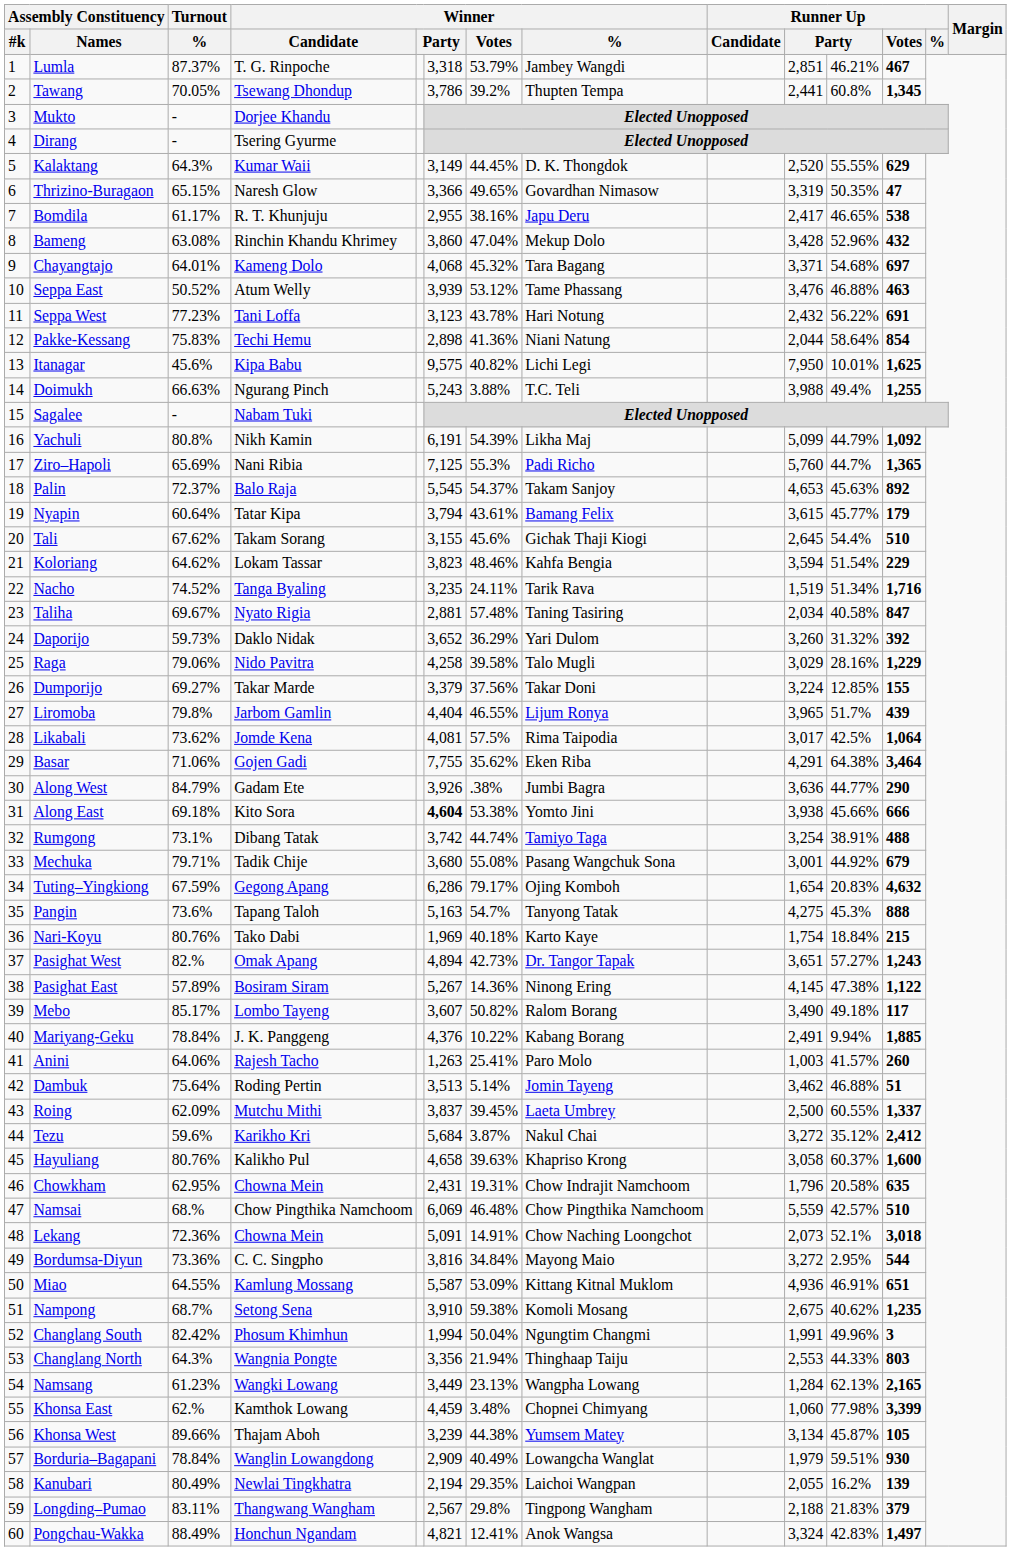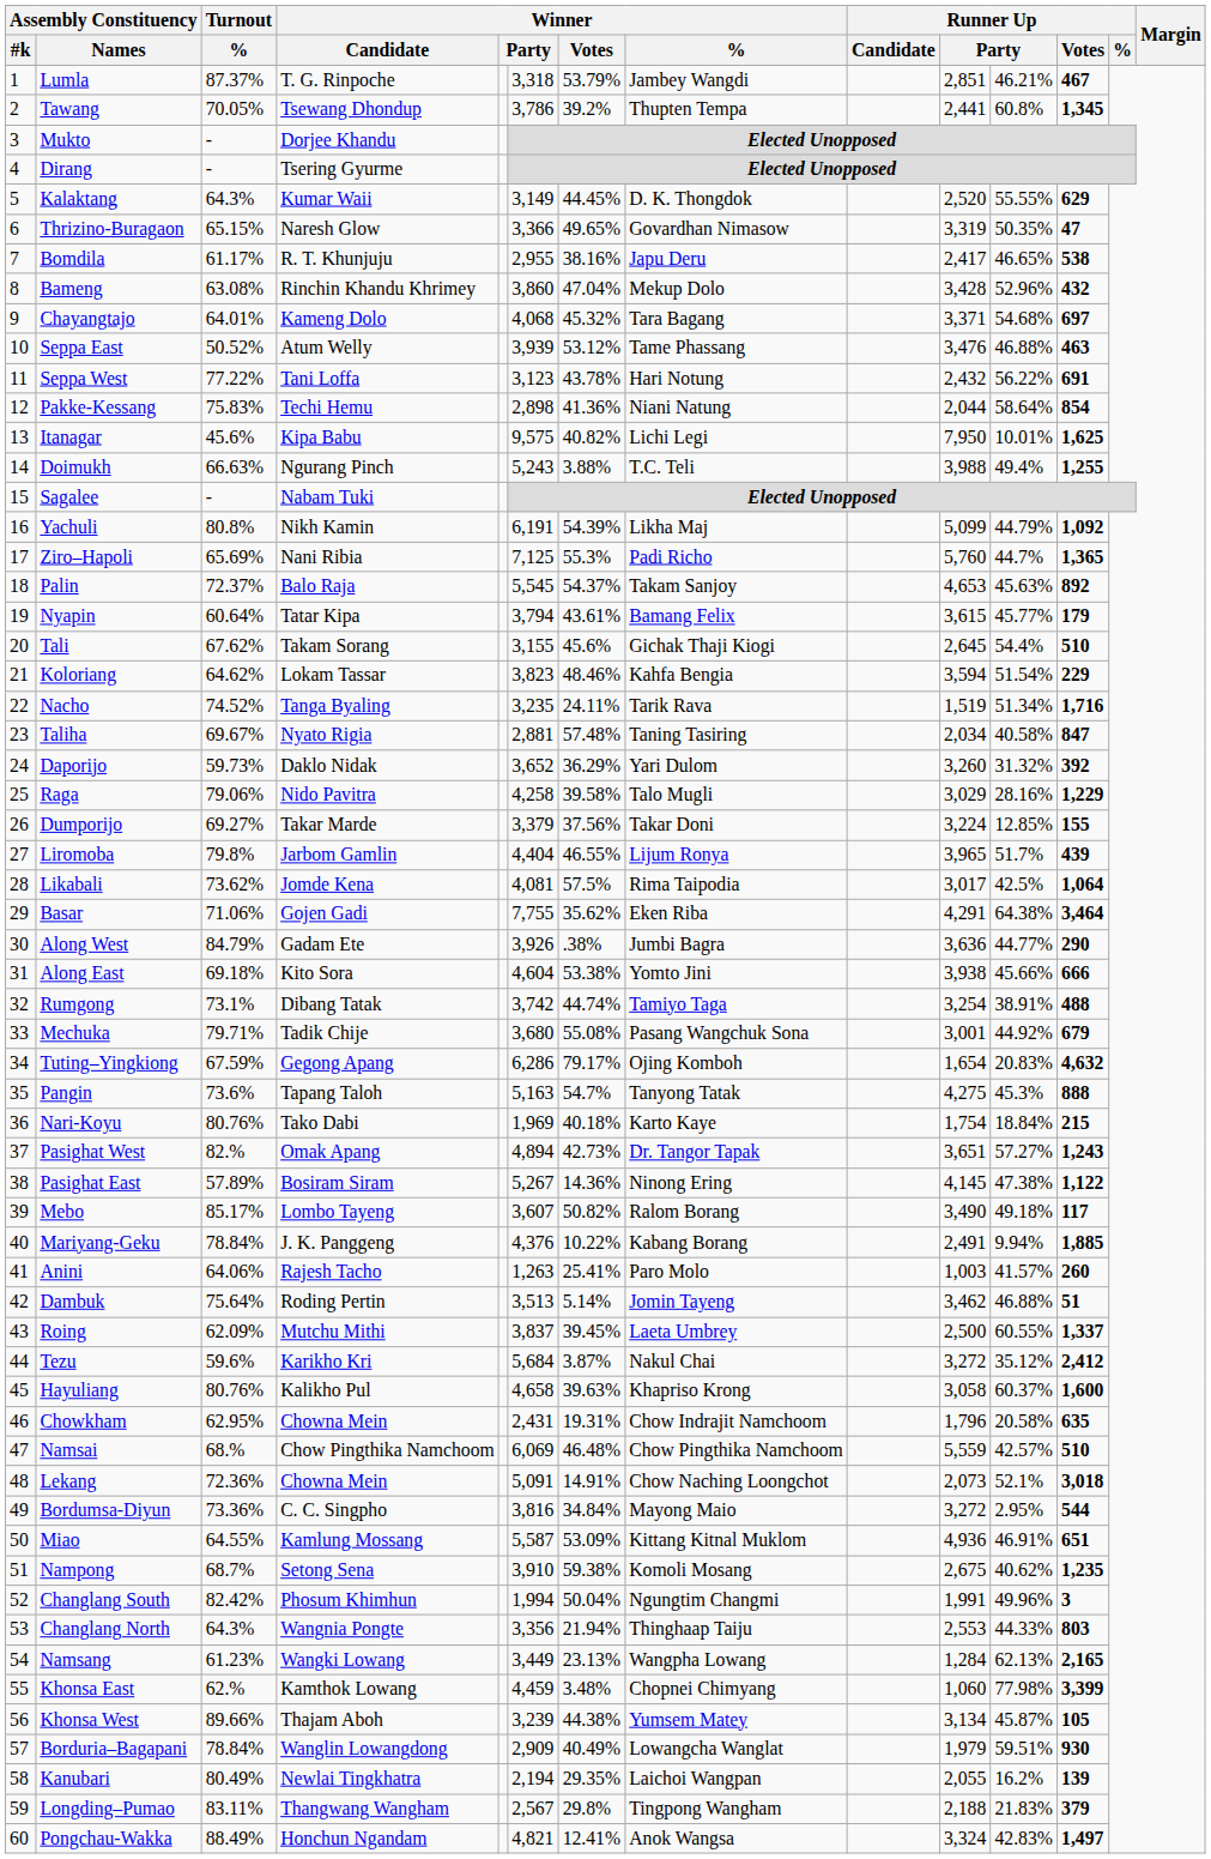 <table class="wikitable sortable">
 <tr>
 <th colspan="2">Assembly Constituency</th>
 <th>Turnout</th>
 <th colspan="5">Winner</th>
 <th colspan="5">Runner Up</th>
 <th rowspan="2" data-sort-type=number>Margin</th>
 </tr>
 <tr>
 <th>#k</th>
 <th>Names</th>
 <th>%</th>
 <th>Candidate</th>
 <th colspan="2">Party</th>
 <th data-sort-type=number>Votes</th>
 <th>%</th>
 <th>Candidate</th>
 <th colspan="2">Party</th>
 <th data-sort-type=number>Votes</th>
 <th>%</th>
 </tr>
 <tr>
 <td>1</td>
 <td><a href='#'>Lumla</a></td>
 <td>87.37%</td>
 <td>T. G. Rinpoche</td>
 <td></td>
 <td>3,318</td>
 <td>53.79%</td>
 <td>Jambey Wangdi</td>
 <td></td>
 <td>2,851</td>
 <td>46.21%</td>
 <td style="background:"><span><strong>467</strong></span></td>
 </tr>
 <tr>
 <td>2</td>
 <td><a href='#'>Tawang</a></td>
 <td>70.05%</td>
 <td><a href='#'>Tsewang Dhondup</a></td>
 <td></td>
 <td>3,786</td>
 <td>39.2%</td>
 <td>Thupten Tempa</td>
 <td></td>
 <td>2,441</td>
 <td>60.8%</td>
 <td style="background:"><span><strong>1,345</strong></span></td>
 </tr>
 <tr>
 <td>3</td>
 <td><a href='#'>Mukto</a></td>
 <td>-</td>
 <td><a href='#'>Dorjee Khandu</a></td>
 <td></td>
 <td colspan=8 style="background:#dcdcdc; text-align:center;"><b><em>Elected Unopposed</em></b></td>
 </tr>
 <tr>
 <td>4</td>
 <td><a href='#'>Dirang</a></td>
 <td>-</td>
 <td>Tsering Gyurme</td>
 <td></td>
 <td colspan=8 style="background:#dcdcdc; text-align:center;"><b><em>Elected Unopposed</em></b></td>
 </tr>
 <tr>
 <td>5</td>
 <td><a href='#'>Kalaktang</a></td>
 <td>64.3%</td>
 <td><a href='#'>Kumar Waii</a></td>
 <td></td>
 <td>3,149</td>
 <td>44.45%</td>
 <td>D. K. Thongdok</td>
 <td></td>
 <td>2,520</td>
 <td>55.55%</td>
 <td style="background:"><span><strong>629</strong></span></td>
 </tr>
 <tr>
 <td>6</td>
 <td><a href='#'>Thrizino-Buragaon</a></td>
 <td>65.15%</td>
 <td>Naresh Glow</td>
 <td></td>
 <td>3,366</td>
 <td>49.65%</td>
 <td>Govardhan Nimasow</td>
 <td></td>
 <td>3,319</td>
 <td>50.35%</td>
 <td style="background:"><span><strong>47</strong></span></td>
 </tr>
 <tr>
 <td>7</td>
 <td><a href='#'>Bomdila</a></td>
 <td>61.17%</td>
 <td>R. T. Khunjuju</td>
 <td></td>
 <td>2,955</td>
 <td>38.16%</td>
 <td><a href='#'>Japu Deru</a></td>
 <td></td>
 <td>2,417</td>
 <td>46.65%</td>
 <td style="background:"><span><strong>538</strong></span></td>
 </tr>
 <tr>
 <td>8</td>
 <td><a href='#'>Bameng</a></td>
 <td>63.08%</td>
 <td>Rinchin Khandu Khrimey</td>
 <td></td>
 <td>3,860</td>
 <td>47.04%</td>
 <td>Mekup Dolo</td>
 <td></td>
 <td>3,428</td>
 <td>52.96%</td>
 <td style="background:"><span><strong>432</strong></span></td>
 </tr>
 <tr>
 <td>9</td>
 <td><a href='#'>Chayangtajo</a></td>
 <td>64.01%</td>
 <td><a href='#'>Kameng Dolo</a></td>
 <td></td>
 <td>4,068</td>
 <td>45.32%</td>
 <td>Tara Bagang</td>
 <td></td>
 <td>3,371</td>
 <td>54.68%</td>
 <td style="background:"><span><strong>697</strong></span></td>
 </tr>
 <tr>
 <td>10</td>
 <td><a href='#'>Seppa East</a></td>
 <td>50.52%</td>
 <td>Atum Welly</td>
 <td></td>
 <td>3,939</td>
 <td>53.12%</td>
 <td>Tame Phassang</td>
 <td></td>
 <td>3,476</td>
 <td>46.88%</td>
 <td style="background:"><span><strong>463</strong></span></td>
 </tr>
 <tr>
 <td>11</td>
 <td><a href='#'>Seppa West</a></td>
-<td>77.23%</td>
+<td>77.22%</td>
 <td><a href='#'>Tani Loffa</a></td>
 <td></td>
 <td>3,123</td>
 <td>43.78%</td>
 <td>Hari Notung</td>
 <td></td>
 <td>2,432</td>
 <td>56.22%</td>
 <td style="background:"><span><strong>691</strong></span></td>
 </tr>
 <tr>
 <td>12</td>
 <td><a href='#'>Pakke-Kessang</a></td>
 <td>75.83%</td>
 <td><a href='#'>Techi Hemu</a></td>
 <td></td>
 <td>2,898</td>
 <td>41.36%</td>
 <td>Niani Natung</td>
 <td></td>
 <td>2,044</td>
 <td>58.64%</td>
 <td style="background:"><span><strong>854</strong></span></td>
 </tr>
 <tr>
 <td>13</td>
 <td><a href='#'>Itanagar</a></td>
 <td>45.6%</td>
 <td><a href='#'>Kipa Babu</a></td>
 <td></td>
 <td>9,575</td>
 <td>40.82%</td>
 <td>Lichi Legi</td>
 <td></td>
 <td>7,950</td>
 <td>10.01%</td>
 <td style="background:"><span><strong>1,625</strong></span></td>
 </tr>
 <tr>
 <td>14</td>
 <td><a href='#'>Doimukh</a></td>
 <td>66.63%</td>
 <td>Ngurang Pinch</td>
 <td></td>
 <td>5,243</td>
 <td>3.88%</td>
 <td>T.C. Teli</td>
 <td></td>
 <td>3,988</td>
 <td>49.4%</td>
 <td style="background:"><span><strong>1,255</strong></span></td>
 </tr>
 <tr>
 <td>15</td>
 <td><a href='#'>Sagalee</a></td>
 <td>-</td>
 <td><a href='#'>Nabam Tuki</a></td>
 <td></td>
 <td colspan=8 style="background:#dcdcdc; text-align:center;"><b><em>Elected Unopposed</em></b></td>
 </tr>
 <tr>
 <td>16</td>
 <td><a href='#'>Yachuli</a></td>
 <td>80.8%</td>
 <td>Nikh Kamin</td>
 <td></td>
 <td>6,191</td>
 <td>54.39%</td>
 <td>Likha Maj</td>
 <td></td>
 <td>5,099</td>
 <td>44.79%</td>
 <td style="background:"><span><strong>1,092</strong></span></td>
 </tr>
 <tr>
 <td>17</td>
 <td><a href='#'>Ziro–Hapoli</a></td>
 <td>65.69%</td>
 <td>Nani Ribia</td>
 <td></td>
 <td>7,125</td>
 <td>55.3%</td>
 <td><a href='#'>Padi Richo</a></td>
 <td></td>
 <td>5,760</td>
 <td>44.7%</td>
 <td style="background:"><span><strong>1,365</strong></span></td>
 </tr>
 <tr>
 <td>18</td>
 <td><a href='#'>Palin</a></td>
 <td>72.37%</td>
 <td><a href='#'>Balo Raja</a></td>
 <td></td>
 <td>5,545</td>
 <td>54.37%</td>
 <td>Takam Sanjoy</td>
 <td></td>
 <td>4,653</td>
 <td>45.63%</td>
 <td style="background:"><span><strong>892</strong></span></td>
 </tr>
 <tr>
 <td>19</td>
 <td><a href='#'>Nyapin</a></td>
 <td>60.64%</td>
 <td>Tatar Kipa</td>
 <td></td>
 <td>3,794</td>
 <td>43.61%</td>
 <td><a href='#'>Bamang Felix</a></td>
 <td></td>
 <td>3,615</td>
 <td>45.77%</td>
 <td style="background:"><span><strong>179</strong></span></td>
 </tr>
 <tr>
 <td>20</td>
 <td><a href='#'>Tali</a></td>
 <td>67.62%</td>
 <td>Takam Sorang</td>
 <td></td>
 <td>3,155</td>
 <td>45.6%</td>
 <td>Gichak Thaji Kiogi</td>
 <td></td>
 <td>2,645</td>
 <td>54.4%</td>
 <td style="background:"><span><strong>510</strong></span></td>
 </tr>
 <tr>
 <td>21</td>
 <td><a href='#'>Koloriang</a></td>
 <td>64.62%</td>
 <td>Lokam Tassar</td>
 <td></td>
 <td>3,823</td>
 <td>48.46%</td>
 <td>Kahfa Bengia</td>
 <td></td>
 <td>3,594</td>
 <td>51.54%</td>
 <td style="background:"><span><strong>229</strong></span></td>
 </tr>
 <tr>
 <td>22</td>
 <td><a href='#'>Nacho</a></td>
 <td>74.52%</td>
 <td><a href='#'>Tanga Byaling</a></td>
 <td></td>
 <td>3,235</td>
 <td>24.11%</td>
 <td>Tarik Rava</td>
 <td></td>
 <td>1,519</td>
 <td>51.34%</td>
 <td style="background:"><span><strong>1,716</strong></span></td>
 </tr>
 <tr>
 <td>23</td>
 <td><a href='#'>Taliha</a></td>
 <td>69.67%</td>
 <td><a href='#'>Nyato Rigia</a></td>
 <td></td>
 <td>2,881</td>
 <td>57.48%</td>
 <td>Taning Tasiring</td>
 <td></td>
 <td>2,034</td>
 <td>40.58%</td>
 <td style="background:"><span><strong>847</strong></span></td>
 </tr>
 <tr>
 <td>24</td>
 <td><a href='#'>Daporijo</a></td>
 <td>59.73%</td>
 <td>Daklo Nidak</td>
 <td></td>
 <td>3,652</td>
 <td>36.29%</td>
 <td>Yari Dulom</td>
 <td></td>
 <td>3,260</td>
 <td>31.32%</td>
 <td style="background:"><span><strong>392</strong></span></td>
 </tr>
 <tr>
 <td>25</td>
 <td><a href='#'>Raga</a></td>
 <td>79.06%</td>
 <td><a href='#'>Nido Pavitra</a></td>
 <td></td>
 <td>4,258</td>
 <td>39.58%</td>
 <td>Talo Mugli</td>
 <td></td>
 <td>3,029</td>
 <td>28.16%</td>
 <td style="background:"><span><strong>1,229</strong></span></td>
 </tr>
 <tr>
 <td>26</td>
 <td><a href='#'>Dumporijo</a></td>
 <td>69.27%</td>
 <td>Takar Marde</td>
 <td></td>
 <td>3,379</td>
 <td>37.56%</td>
 <td>Takar Doni</td>
 <td></td>
 <td>3,224</td>
 <td>12.85%</td>
 <td style="background:"><span><strong>155</strong></span></td>
 </tr>
 <tr>
 <td>27</td>
 <td><a href='#'>Liromoba</a></td>
 <td>79.8%</td>
 <td><a href='#'>Jarbom Gamlin</a></td>
 <td></td>
 <td>4,404</td>
 <td>46.55%</td>
 <td><a href='#'>Lijum Ronya</a></td>
 <td></td>
 <td>3,965</td>
 <td>51.7%</td>
 <td style="background:"><span><strong>439</strong></span></td>
 </tr>
 <tr>
 <td>28</td>
 <td><a href='#'>Likabali</a></td>
 <td>73.62%</td>
 <td><a href='#'>Jomde Kena</a></td>
 <td></td>
 <td>4,081</td>
 <td>57.5%</td>
 <td>Rima Taipodia</td>
 <td></td>
 <td>3,017</td>
 <td>42.5%</td>
 <td style="background:"><span><strong>1,064</strong></span></td>
 </tr>
 <tr>
 <td>29</td>
 <td><a href='#'>Basar</a></td>
 <td>71.06%</td>
 <td><a href='#'>Gojen Gadi</a></td>
 <td></td>
 <td>7,755</td>
 <td>35.62%</td>
 <td>Eken Riba</td>
 <td></td>
 <td>4,291</td>
 <td>64.38%</td>
 <td style="background:"><span><strong>3,464</strong></span></td>
 </tr>
 <tr>
 <td>30</td>
 <td><a href='#'>Along West</a></td>
 <td>84.79%</td>
 <td>Gadam Ete</td>
 <td></td>
 <td>3,926</td>
 <td>.38%</td>
 <td>Jumbi Bagra</td>
 <td></td>
 <td>3,636</td>
 <td>44.77%</td>
 <td style="background:"><span><strong>290</strong></span></td>
 </tr>
 <tr>
 <td>31</td>
 <td><a href='#'>Along East</a></td>
 <td>69.18%</td>
 <td>Kito Sora</td>
 <td></td>
-<td><strong>4,604</strong></td>
+<td>4,604</td>
 <td>53.38%</td>
 <td>Yomto Jini</td>
 <td></td>
 <td>3,938</td>
 <td>45.66%</td>
 <td style="background:"><span><strong>666</strong></span></td>
 </tr>
 <tr>
 <td>32</td>
 <td><a href='#'>Rumgong</a></td>
 <td>73.1%</td>
 <td>Dibang Tatak</td>
 <td></td>
 <td>3,742</td>
 <td>44.74%</td>
 <td><a href='#'>Tamiyo Taga</a></td>
 <td></td>
 <td>3,254</td>
 <td>38.91%</td>
 <td style="background:"><span><strong>488</strong></span></td>
 </tr>
 <tr>
 <td>33</td>
 <td><a href='#'>Mechuka</a></td>
 <td>79.71%</td>
 <td>Tadik Chije</td>
 <td></td>
 <td>3,680</td>
 <td>55.08%</td>
 <td>Pasang Wangchuk Sona</td>
 <td></td>
 <td>3,001</td>
 <td>44.92%</td>
 <td style="background:"><span><strong>679</strong></span></td>
 </tr>
 <tr>
 <td>34</td>
 <td><a href='#'>Tuting–Yingkiong</a></td>
 <td>67.59%</td>
 <td><a href='#'>Gegong Apang</a></td>
 <td></td>
 <td>6,286</td>
 <td>79.17%</td>
 <td>Ojing Komboh</td>
 <td></td>
 <td>1,654</td>
 <td>20.83%</td>
 <td style="background:"><span><strong>4,632</strong></span></td>
 </tr>
 <tr>
 <td>35</td>
 <td><a href='#'>Pangin</a></td>
 <td>73.6%</td>
 <td>Tapang Taloh</td>
 <td></td>
 <td>5,163</td>
 <td>54.7%</td>
 <td>Tanyong Tatak</td>
 <td></td>
 <td>4,275</td>
 <td>45.3%</td>
 <td style="background:"><span><strong>888</strong></span></td>
 </tr>
 <tr>
 <td>36</td>
 <td><a href='#'>Nari-Koyu</a></td>
 <td>80.76%</td>
 <td>Tako Dabi</td>
 <td></td>
 <td>1,969</td>
 <td>40.18%</td>
 <td>Karto Kaye</td>
 <td></td>
 <td>1,754</td>
 <td>18.84%</td>
 <td style="background:"><span><strong>215</strong></span></td>
 </tr>
 <tr>
 <td>37</td>
 <td><a href='#'>Pasighat West</a></td>
 <td>82.%</td>
 <td><a href='#'>Omak Apang</a></td>
 <td></td>
 <td>4,894</td>
 <td>42.73%</td>
 <td><a href='#'>Dr. Tangor Tapak</a></td>
 <td></td>
 <td>3,651</td>
 <td>57.27%</td>
 <td style="background:"><span><strong>1,243</strong></span></td>
 </tr>
 <tr>
 <td>38</td>
 <td><a href='#'>Pasighat East</a></td>
 <td>57.89%</td>
 <td><a href='#'>Bosiram Siram</a></td>
 <td></td>
 <td>5,267</td>
 <td>14.36%</td>
 <td>Ninong Ering</td>
 <td></td>
 <td>4,145</td>
 <td>47.38%</td>
 <td style="background:"><span><strong>1,122</strong></span></td>
 </tr>
 <tr>
 <td>39</td>
 <td><a href='#'>Mebo</a></td>
 <td>85.17%</td>
 <td><a href='#'>Lombo Tayeng</a></td>
 <td></td>
 <td>3,607</td>
 <td>50.82%</td>
 <td>Ralom Borang</td>
 <td></td>
 <td>3,490</td>
 <td>49.18%</td>
 <td style="background:"><span><strong>117</strong></span></td>
 </tr>
 <tr>
 <td>40</td>
 <td><a href='#'>Mariyang-Geku</a></td>
 <td>78.84%</td>
 <td>J. K. Panggeng</td>
 <td></td>
 <td>4,376</td>
 <td>10.22%</td>
 <td>Kabang Borang</td>
 <td></td>
 <td>2,491</td>
 <td>9.94%</td>
 <td style="background:"><span><strong>1,885</strong></span></td>
 </tr>
 <tr>
 <td>41</td>
 <td><a href='#'>Anini</a></td>
 <td>64.06%</td>
 <td><a href='#'>Rajesh Tacho</a></td>
 <td></td>
 <td>1,263</td>
 <td>25.41%</td>
 <td>Paro Molo</td>
 <td></td>
 <td>1,003</td>
 <td>41.57%</td>
 <td style="background:"><span><strong>260</strong></span></td>
 </tr>
 <tr>
 <td>42</td>
 <td><a href='#'>Dambuk</a></td>
 <td>75.64%</td>
 <td>Roding Pertin</td>
 <td></td>
 <td>3,513</td>
 <td>5.14%</td>
 <td><a href='#'>Jomin Tayeng</a></td>
 <td></td>
 <td>3,462</td>
 <td>46.88%</td>
 <td style="background:"><span><strong>51</strong></span></td>
 </tr>
 <tr>
 <td>43</td>
 <td><a href='#'>Roing</a></td>
 <td>62.09%</td>
 <td><a href='#'>Mutchu Mithi</a></td>
 <td></td>
 <td>3,837</td>
 <td>39.45%</td>
 <td><a href='#'>Laeta Umbrey</a></td>
 <td></td>
 <td>2,500</td>
 <td>60.55%</td>
 <td style="background:"><span><strong>1,337</strong></span></td>
 </tr>
 <tr>
 <td>44</td>
 <td><a href='#'>Tezu</a></td>
 <td>59.6%</td>
 <td><a href='#'>Karikho Kri</a></td>
 <td></td>
 <td>5,684</td>
 <td>3.87%</td>
 <td>Nakul Chai</td>
 <td></td>
 <td>3,272</td>
 <td>35.12%</td>
 <td style="background:"><span><strong>2,412</strong></span></td>
 </tr>
 <tr>
 <td>45</td>
 <td><a href='#'>Hayuliang</a></td>
 <td>80.76%</td>
 <td>Kalikho Pul</td>
 <td></td>
 <td>4,658</td>
 <td>39.63%</td>
 <td>Khapriso Krong</td>
 <td></td>
 <td>3,058</td>
 <td>60.37%</td>
 <td style="background:"><span><strong>1,600</strong></span></td>
 </tr>
 <tr>
 <td>46</td>
 <td><a href='#'>Chowkham</a></td>
 <td>62.95%</td>
 <td><a href='#'>Chowna Mein</a></td>
 <td></td>
 <td>2,431</td>
 <td>19.31%</td>
 <td>Chow Indrajit Namchoom</td>
 <td></td>
 <td>1,796</td>
 <td>20.58%</td>
 <td style="background:"><span><strong>635</strong></span></td>
 </tr>
 <tr>
 <td>47</td>
 <td><a href='#'>Namsai</a></td>
 <td>68.%</td>
 <td>Chow Pingthika Namchoom</td>
 <td></td>
 <td>6,069</td>
 <td>46.48%</td>
 <td>Chow Pingthika Namchoom</td>
 <td></td>
 <td>5,559</td>
 <td>42.57%</td>
 <td style="background:"><span><strong>510</strong></span></td>
 </tr>
 <tr>
 <td>48</td>
 <td><a href='#'>Lekang</a></td>
 <td>72.36%</td>
 <td><a href='#'>Chowna Mein</a></td>
 <td></td>
 <td>5,091</td>
 <td>14.91%</td>
 <td>Chow Naching Loongchot</td>
 <td></td>
 <td>2,073</td>
 <td>52.1%</td>
 <td style="background:"><span><strong>3,018</strong></span></td>
 </tr>
 <tr>
 <td>49</td>
 <td><a href='#'>Bordumsa-Diyun</a></td>
 <td>73.36%</td>
 <td>C. C. Singpho</td>
 <td></td>
 <td>3,816</td>
 <td>34.84%</td>
 <td>Mayong Maio</td>
 <td></td>
 <td>3,272</td>
 <td>2.95%</td>
 <td style="background:"><span><strong>544</strong></span></td>
 </tr>
 <tr>
 <td>50</td>
 <td><a href='#'>Miao</a></td>
 <td>64.55%</td>
 <td><a href='#'>Kamlung Mossang</a></td>
 <td></td>
 <td>5,587</td>
 <td>53.09%</td>
 <td>Kittang Kitnal Muklom</td>
 <td></td>
 <td>4,936</td>
 <td>46.91%</td>
 <td style="background:"><span><strong>651</strong></span></td>
 </tr>
 <tr>
 <td>51</td>
 <td><a href='#'>Nampong</a></td>
 <td>68.7%</td>
 <td><a href='#'>Setong Sena</a></td>
 <td></td>
 <td>3,910</td>
 <td>59.38%</td>
 <td>Komoli Mosang</td>
 <td></td>
 <td>2,675</td>
 <td>40.62%</td>
 <td style="background:"><span><strong>1,235</strong></span></td>
 </tr>
 <tr>
 <td>52</td>
 <td><a href='#'>Changlang South</a></td>
 <td>82.42%</td>
 <td><a href='#'>Phosum Khimhun</a></td>
 <td></td>
 <td>1,994</td>
 <td>50.04%</td>
 <td>Ngungtim Changmi</td>
 <td></td>
 <td>1,991</td>
 <td>49.96%</td>
 <td style="background:"><span><strong>3</strong></span></td>
 </tr>
 <tr>
 <td>53</td>
 <td><a href='#'>Changlang North</a></td>
 <td>64.3%</td>
 <td><a href='#'>Wangnia Pongte</a></td>
 <td></td>
 <td>3,356</td>
 <td>21.94%</td>
 <td>Thinghaap Taiju</td>
 <td></td>
 <td>2,553</td>
 <td>44.33%</td>
 <td style="background:"><span><strong>803</strong></span></td>
 </tr>
 <tr>
 <td>54</td>
 <td><a href='#'>Namsang</a></td>
 <td>61.23%</td>
 <td><a href='#'>Wangki Lowang</a></td>
 <td></td>
 <td>3,449</td>
 <td>23.13%</td>
 <td>Wangpha Lowang</td>
 <td></td>
 <td>1,284</td>
 <td>62.13%</td>
 <td style="background:"><span><strong>2,165</strong></span></td>
 </tr>
 <tr>
 <td>55</td>
 <td><a href='#'>Khonsa East</a></td>
 <td>62.%</td>
 <td>Kamthok Lowang</td>
 <td></td>
 <td>4,459</td>
 <td>3.48%</td>
 <td>Chopnei Chimyang</td>
 <td></td>
 <td>1,060</td>
 <td>77.98%</td>
 <td style="background:"><span><strong>3,399</strong></span></td>
 </tr>
 <tr>
 <td>56</td>
 <td><a href='#'>Khonsa West</a></td>
 <td>89.66%</td>
 <td>Thajam Aboh</td>
 <td></td>
 <td>3,239</td>
 <td>44.38%</td>
 <td><a href='#'>Yumsem Matey</a></td>
 <td></td>
 <td>3,134</td>
 <td>45.87%</td>
 <td style="background:"><span><strong>105</strong></span></td>
 </tr>
 <tr>
 <td>57</td>
 <td><a href='#'>Borduria–Bagapani</a></td>
 <td>78.84%</td>
 <td><a href='#'>Wanglin Lowangdong</a></td>
 <td></td>
 <td>2,909</td>
 <td>40.49%</td>
 <td>Lowangcha Wanglat</td>
 <td></td>
 <td>1,979</td>
 <td>59.51%</td>
 <td style="background:"><span><strong>930</strong></span></td>
 </tr>
 <tr>
 <td>58</td>
 <td><a href='#'>Kanubari</a></td>
 <td>80.49%</td>
 <td><a href='#'>Newlai Tingkhatra</a></td>
 <td></td>
 <td>2,194</td>
 <td>29.35%</td>
 <td>Laichoi Wangpan</td>
 <td></td>
 <td>2,055</td>
 <td>16.2%</td>
 <td style="background:"><span><strong>139</strong></span></td>
 </tr>
 <tr>
 <td>59</td>
 <td><a href='#'>Longding–Pumao</a></td>
 <td>83.11%</td>
 <td><a href='#'>Thangwang Wangham</a></td>
 <td></td>
 <td>2,567</td>
 <td>29.8%</td>
 <td>Tingpong Wangham</td>
 <td></td>
 <td>2,188</td>
 <td>21.83%</td>
 <td style="background:"><span><strong>379</strong></span></td>
 </tr>
 <tr>
 <td>60</td>
 <td><a href='#'>Pongchau-Wakka</a></td>
 <td>88.49%</td>
 <td><a href='#'>Honchun Ngandam</a></td>
 <td></td>
 <td>4,821</td>
 <td>12.41%</td>
 <td>Anok Wangsa</td>
 <td></td>
 <td>3,324</td>
 <td>42.83%</td>
 <td style="background:"><span><strong>1,497</strong></span></td>
 </tr>
 </table>
